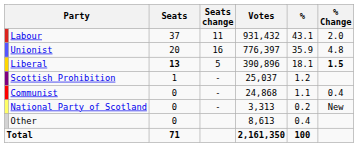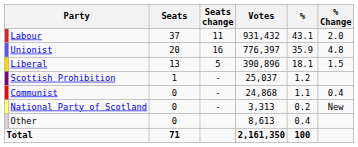 <table class="wikitable sortable">
 <tr>
 <th style="width:100px" colspan=2>Party</th>
 <th style="width:70px;">Seats</th>
 <th style="width:40px;">Seats change</th>
 <th style="width:40px;">Votes</th>
 <th style="width:40px;">%</th>
 <th style="width:40px;">% Change</th>
 </tr>
 <tr>
 <td bgcolor="#DC241f"></td>
 <td><a href='#'>Labour</a></td>
 <td align=center>37</td>
 <td align=center> 11</td>
 <td align=center>931,432</td>
 <td align=center>43.1</td>
 <td align=center> 2.0</td>
 </tr>
 <tr>
 <td bgcolor="#5555FF"></td>
 <td><a href='#'>Unionist</a></td>
 <td align=center>20</td>
 <td align=center> 16</td>
 <td align=center>776,397</td>
 <td align=center>35.9</td>
 <td align=center> 4.8</td>
 </tr>
 <tr>
 <td bgcolor="#FFD700"></td>
 <td><a href='#'>Liberal</a></td>
-<td align=center><strong>13</strong></td>
+<td align=center>13</td>
 <td align=center> 5</td>
 <td align=center>390,896</td>
 <td align=center>18.1</td>
-<td align=center><strong> 1.5</strong></td>
+<td align=center> 1.5</td>
 </tr>
 <tr>
 <td bgcolor="#800080"></td>
 <td><a href='#'>Scottish Prohibition</a></td>
 <td align=center>1</td>
 <td align=center>-</td>
 <td align=center>25,037</td>
 <td align=center>1.2</td>
 <td align=center></td>
 </tr>
 <tr>
 <td bgcolor="#FF0000"></td>
 <td><a href='#'>Communist</a></td>
 <td align=center>0</td>
 <td align=center>-</td>
 <td align=center>24,868</td>
 <td align=center>1.1</td>
 <td align=center> 0.4</td>
 </tr>
 <tr>
 <td bgcolor="#FFFF66"></td>
 <td><a href='#'>National Party of Scotland</a></td>
 <td align=center>0</td>
 <td align=center>-</td>
 <td align=center>3,313</td>
 <td align=center>0.2</td>
 <td align=center>New</td>
 </tr>
 <tr>
 <td bgcolor="#D3D3D3"></td>
 <td>Other</td>
 <td align="center">0</td>
 <td align="center"></td>
 <td align="center">8,613</td>
 <td align="center">0.4</td>
 <td align="center"></td>
 </tr>
 <tr>
 <td colspan=2><strong>Total</strong></td>
 <td align=center><strong>71</strong></td>
 <td align=center></td>
 <td align=center><strong>2,161,350</strong></td>
 <td align=center><strong>100</strong></td>
 <td align=center></td>
 </tr>
 </table>
